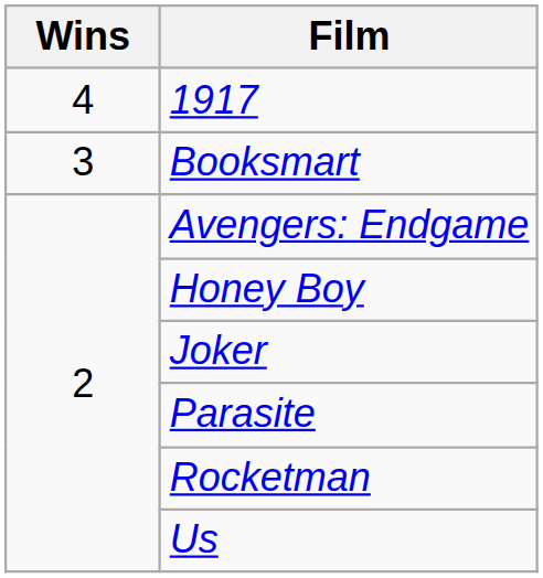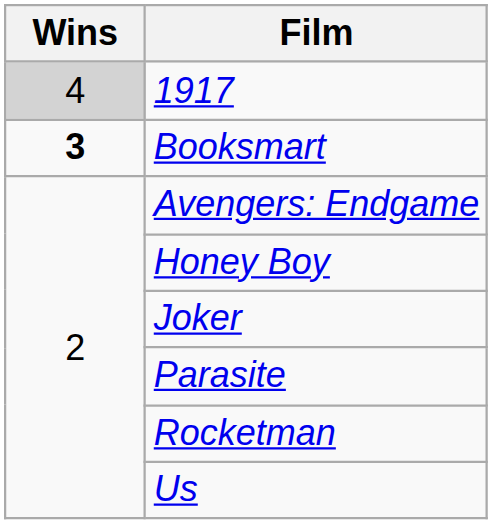 <table class="wikitable">
 <tr>
 <th scope="col" style="width:55px;">Wins</th>
 <th scope="col" style="text-align:center;">Film</th>
 </tr>
 <tr>
-<td rowspan="1" style="text-align:center">4</td>
+<td rowspan="1" style="background: lightgrey; text-align:center">4</td>
 <td><em><a href='#'>1917</a></em></td>
 </tr>
 <tr>
-<td rowspan="1" style="text-align:center">3</td>
+<td rowspan="1" style="text-align:center"><strong>3</strong></td>
 <td><em><a href='#'>Booksmart</a></em></td>
 </tr>
 <tr>
 <td rowspan="6" style="text-align:center">2</td>
 <td><em><a href='#'>Avengers: Endgame</a></em></td>
 </tr>
 <tr>
 <td><em><a href='#'>Honey Boy</a></em></td>
 </tr>
 <tr>
 <td><em><a href='#'>Joker</a></em></td>
 </tr>
 <tr>
 <td><em><a href='#'>Parasite</a></em></td>
 </tr>
 <tr>
 <td><em><a href='#'>Rocketman</a></em></td>
 </tr>
 <tr>
 <td><em><a href='#'>Us</a></em></td>
 </tr>
 </table>
